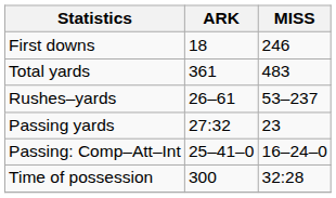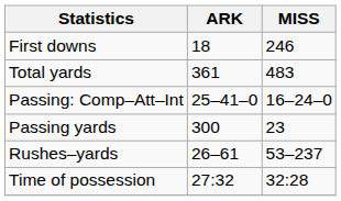 <table class="wikitable" style="float: left;">
 <tr>
 <th>Statistics</th>
 <th>ARK</th>
 <th>MISS</th>
 </tr>
 <tr>
 <td>First downs</td>
 <td>18</td>
 <td>246</td>
 </tr>
 <tr>
 <td>Total yards</td>
 <td>361</td>
 <td>483</td>
 </tr>
 <tr>
+<td>Passing: Comp–Att–Int</td>
+<td>25–41–0</td>
+<td>16–24–0</td>
+</tr>
+<tr>
+<td>Passing yards</td>
+<td>300</td>
+<td>23</td>
+</tr>
+<tr>
 <td>Rushes–yards</td>
 <td>26–61</td>
 <td>53–237</td>
 </tr>
 <tr>
-<td>Passing yards</td>
+<td>Time of possession</td>
 <td>27:32</td>
-<td>23</td>
-</tr>
-<tr>
-<td>Passing: Comp–Att–Int</td>
-<td>25–41–0</td>
-<td>16–24–0</td>
-</tr>
-<tr>
-<td>Time of possession</td>
-<td>300</td>
 <td>32:28</td>
 </tr>
 <tr>
 </tr>
 </table>
